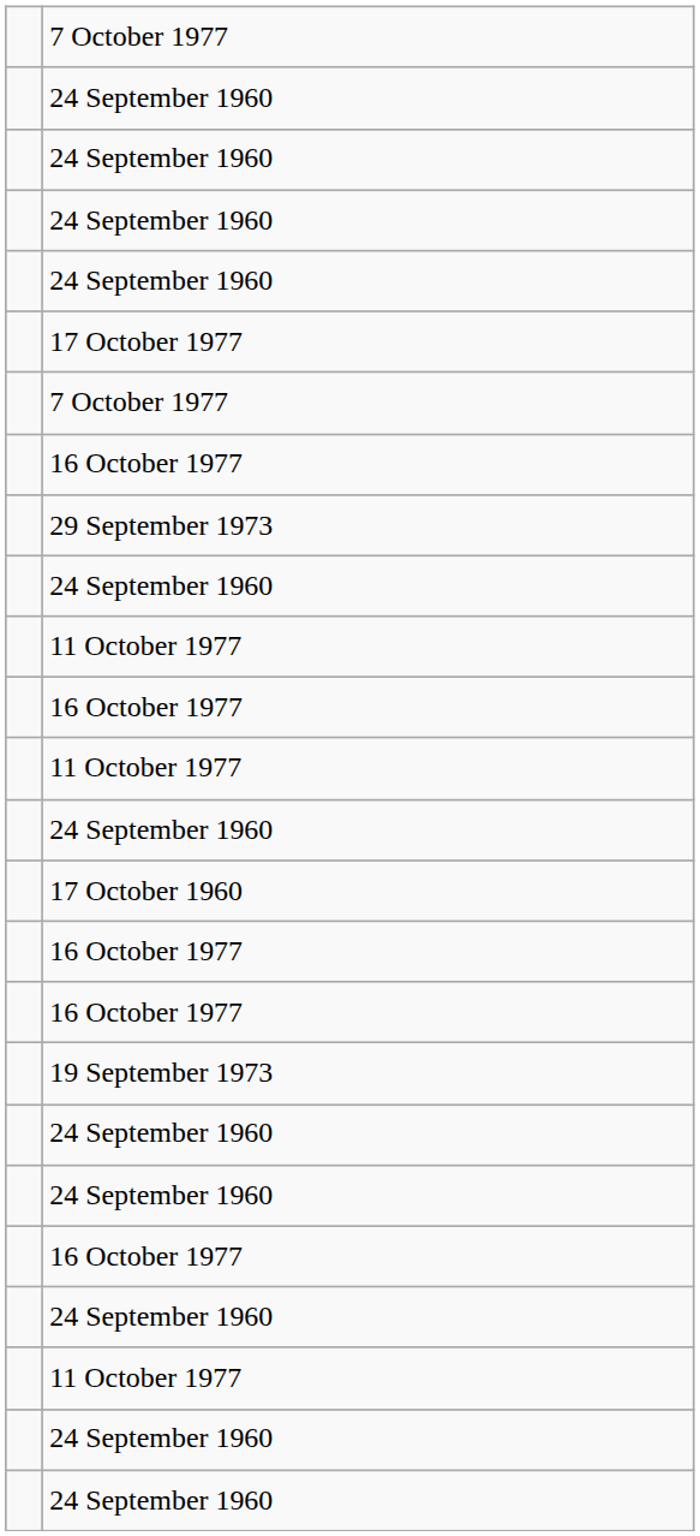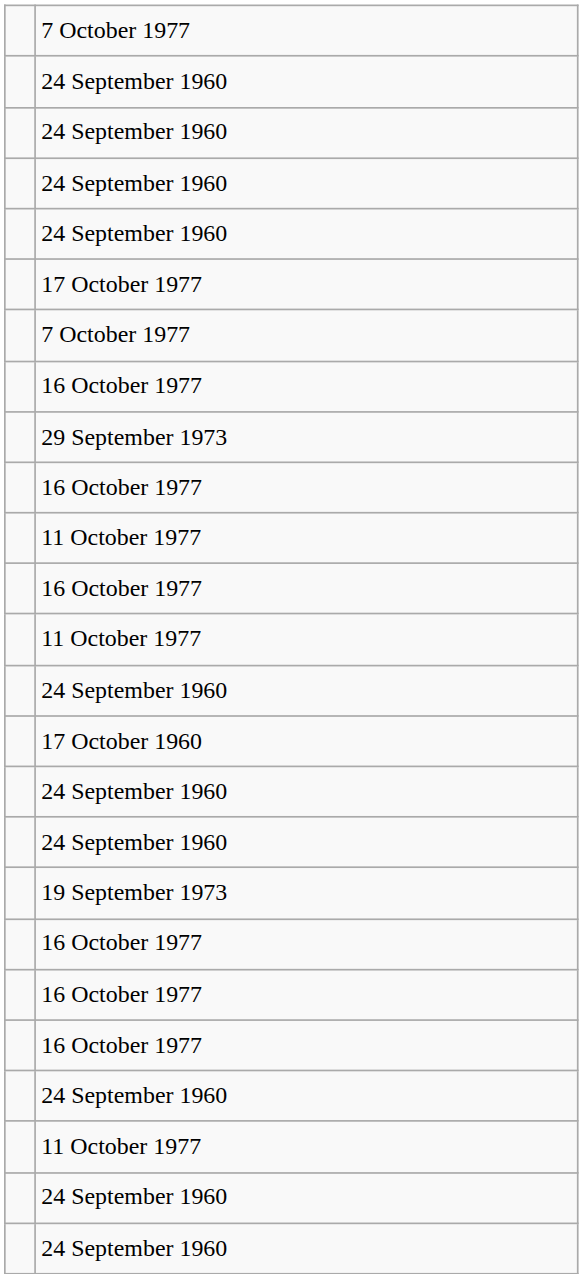 <table class="wikitable" style="font-size: 89%; float: left; width: 24em; margin-right: 1em; line-height: 1.65em">
 <tr>
 <td></td>
 <td>7 October 1977</td>
 </tr>
 <tr>
 <td></td>
 <td>24 September 1960</td>
 </tr>
 <tr>
 <td></td>
 <td>24 September 1960</td>
 </tr>
 <tr>
 <td></td>
 <td>24 September 1960</td>
 </tr>
 <tr>
 <td></td>
 <td>24 September 1960</td>
 </tr>
 <tr>
 <td></td>
 <td>17 October 1977</td>
 </tr>
 <tr>
 <td></td>
 <td>7 October 1977</td>
 </tr>
 <tr>
 <td></td>
 <td>16 October 1977</td>
 </tr>
 <tr>
 <td></td>
 <td>29 September 1973</td>
 </tr>
 <tr>
 <td></td>
-<td>24 September 1960</td>
+<td>16 October 1977</td>
 </tr>
 <tr>
 <td></td>
 <td>11 October 1977</td>
 </tr>
 <tr>
 <td></td>
 <td>16 October 1977</td>
 </tr>
 <tr>
 <td></td>
 <td>11 October 1977</td>
 </tr>
 <tr>
 <td></td>
 <td>24 September 1960</td>
 </tr>
 <tr>
 <td></td>
 <td>17 October 1960</td>
 </tr>
 <tr>
 <td></td>
-<td>16 October 1977</td>
+<td>24 September 1960</td>
+</tr>
+<tr>
+<td></td>
+<td>24 September 1960</td>
+</tr>
+<tr>
+<td></td>
+<td>19 September 1973</td>
 </tr>
 <tr>
 <td></td>
 <td>16 October 1977</td>
 </tr>
 <tr>
 <td></td>
-<td>19 September 1973</td>
-</tr>
-<tr>
-<td></td>
-<td>24 September 1960</td>
-</tr>
-<tr>
-<td></td>
-<td>24 September 1960</td>
+<td>16 October 1977</td>
 </tr>
 <tr>
 <td></td>
 <td>16 October 1977</td>
 </tr>
 <tr>
 <td></td>
 <td>24 September 1960</td>
 </tr>
 <tr>
 <td></td>
 <td>11 October 1977</td>
 </tr>
 <tr>
 <td></td>
 <td>24 September 1960</td>
 </tr>
 <tr>
 <td></td>
 <td>24 September 1960</td>
 </tr>
 </table>
